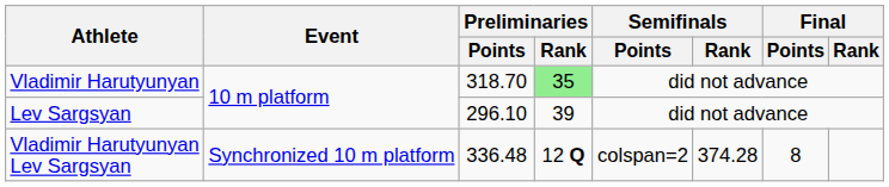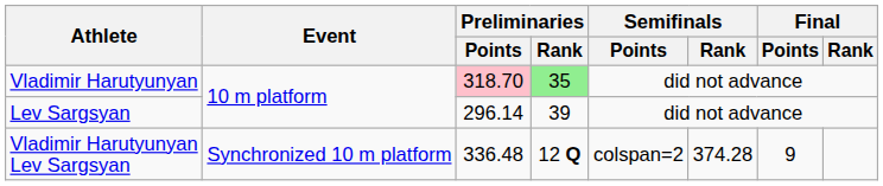 <table class=wikitable style="font-size:90%;">
 <tr>
 <th rowspan="2">Athlete</th>
 <th rowspan="2">Event</th>
 <th colspan="2">Preliminaries</th>
 <th colspan="2">Semifinals</th>
 <th colspan="2">Final</th>
 </tr>
 <tr style="font-size:95%">
 <th>Points</th>
 <th>Rank</th>
 <th>Points</th>
 <th>Rank</th>
 <th>Points</th>
 <th>Rank</th>
 </tr>
 <tr align=center>
 <td align=left><a href='#'>Vladimir Harutyunyan</a></td>
 <td align=left rowspan=2><a href='#'>10 m platform</a></td>
-<td>318.70</td>
+<td style="background: pink;">318.70</td>
 <td style="background: lightgreen;">35</td>
 <td colspan=4>did not advance</td>
 </tr>
 <tr align=center>
 <td align=left><a href='#'>Lev Sargsyan</a></td>
-<td>296.10</td>
+<td>296.14</td>
 <td>39</td>
 <td colspan=4>did not advance</td>
 </tr>
 <tr align=center>
 <td align=left><a href='#'>Vladimir Harutyunyan</a><br><a href='#'>Lev Sargsyan</a></td>
 <td align=left><a href='#'>Synchronized 10 m platform</a></td>
 <td>336.48</td>
 <td>12 <strong>Q</strong></td>
 <td>colspan=2 </td>
 <td>374.28</td>
-<td>8</td>
+<td>9</td>
 </tr>
 </table>
